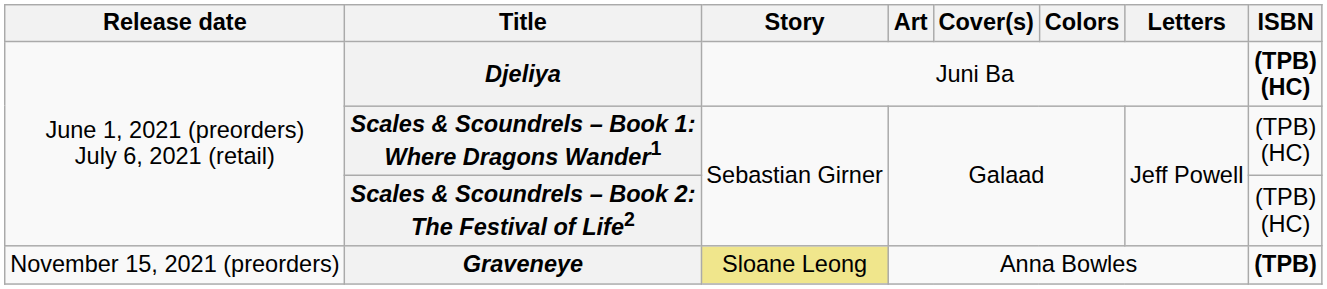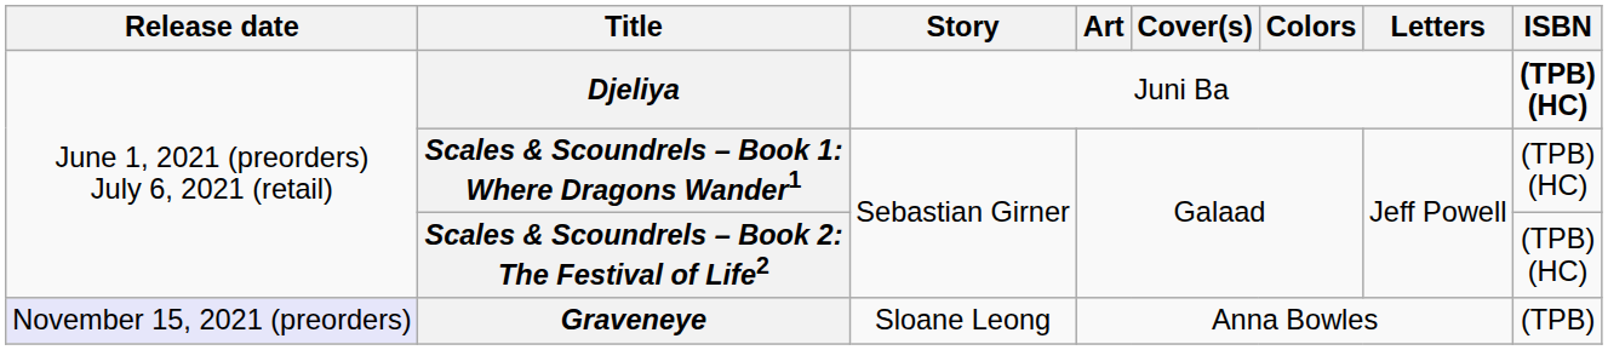 <table class="wikitable" style="text-align: center">
 <tr>
 <th>Release date</th>
 <th>Title</th>
 <th>Story</th>
 <th>Art</th>
 <th>Cover(s)</th>
 <th>Colors</th>
 <th>Letters</th>
 <th>ISBN</th>
 </tr>
 <tr>
 <td rowspan=3>June 1, 2021 (preorders)<br>July 6, 2021 (retail)</td>
 <th><em>Djeliya</em></th>
 <td colspan=5>Juni Ba</td>
 <td><strong> (TPB)<br> (HC)</strong></td>
 </tr>
 <tr>
 <th><em>Scales & Scoundrels – Book 1:<br>Where Dragons Wander</em><sup>1</sup></th>
 <td rowspan=2>Sebastian Girner</td>
 <td rowspan=2 colspan=3>Galaad</td>
 <td rowspan=2>Jeff Powell</td>
 <td> (TPB)<br> (HC)</td>
 </tr>
 <tr>
 <th><em>Scales & Scoundrels – Book 2:<br>The Festival of Life</em><sup>2</sup></th>
 <td> (TPB)<br> (HC)</td>
 </tr>
 <tr>
-<td>November 15, 2021 (preorders)</td>
+<td style="background: lavender;">November 15, 2021 (preorders)</td>
 <th><em>Graveneye</em></th>
-<td style="background: khaki;">Sloane Leong</td>
+<td>Sloane Leong</td>
 <td colspan=4>Anna Bowles</td>
-<td><strong> (TPB)</strong></td>
+<td> (TPB)</td>
 </tr>
 </table>
